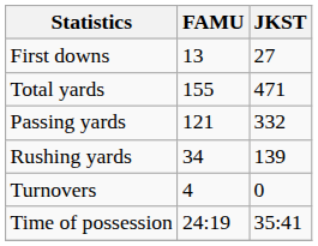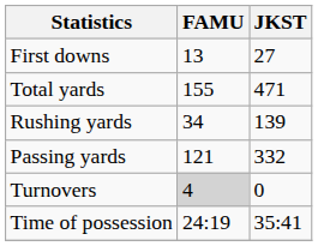 <table class="wikitable">
 <tr>
 <th>Statistics</th>
 <th>FAMU</th>
 <th>JKST</th>
 </tr>
 <tr>
 <td>First downs</td>
 <td>13</td>
 <td>27</td>
 </tr>
 <tr>
 <td>Total yards</td>
 <td>155</td>
 <td>471</td>
 </tr>
 <tr>
+<td>Rushing yards</td>
+<td>34</td>
+<td>139</td>
+</tr>
+<tr>
 <td>Passing yards</td>
 <td>121</td>
 <td>332</td>
 </tr>
 <tr>
-<td>Rushing yards</td>
-<td>34</td>
-<td>139</td>
-</tr>
-<tr>
 <td>Turnovers</td>
-<td>4</td>
+<td style="background: lightgrey;">4</td>
 <td>0</td>
 </tr>
 <tr>
 <td>Time of possession</td>
 <td>24:19</td>
 <td>35:41</td>
 </tr>
 <tr>
 </tr>
 </table>
